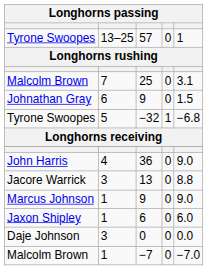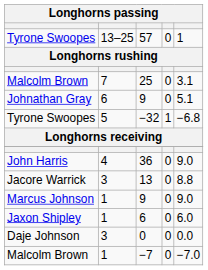 <table class="wikitable plainrowheaders">
 <tr>
 <th colspan="6">Longhorns passing</th>
 </tr>
 <tr>
 <th scope="col"></th>
 <th scope="col"></th>
 <th scope="col"></th>
 <th scope="col"></th>
 <th scope="col"></th>
 </tr>
 <tr>
 <td><a href='#'>Tyrone Swoopes</a></td>
 <td>13–25</td>
 <td>57</td>
 <td>0</td>
 <td>1</td>
 </tr>
 <tr>
 <th colspan="6">Longhorns rushing</th>
 </tr>
 <tr>
 <th scope="col"></th>
 <th scope="col"></th>
 <th scope="col"></th>
 <th scope="col"></th>
 <th scope="col"></th>
 </tr>
 <tr>
 <td><a href='#'>Malcolm Brown</a></td>
 <td>7</td>
 <td>25</td>
 <td>0</td>
 <td>3.1</td>
 </tr>
 <tr>
 <td><a href='#'>Johnathan Gray</a></td>
 <td>6</td>
 <td>9</td>
 <td>0</td>
-<td>1.5</td>
+<td>5.1</td>
 </tr>
 <tr>
 <td>Tyrone Swoopes</td>
 <td>5</td>
 <td>−32</td>
 <td>1</td>
 <td>−6.8</td>
 </tr>
 <tr>
 <th colspan="6">Longhorns receiving</th>
 </tr>
 <tr>
 </tr>
 <tr>
 <th scope="col"></th>
 <th scope="col"></th>
 <th scope="col"></th>
 <th scope="col"></th>
 <th scope="col"></th>
 </tr>
 <tr>
 <td><a href='#'>John Harris</a></td>
 <td>4</td>
 <td>36</td>
 <td>0</td>
 <td>9.0</td>
 </tr>
 <tr>
 <td>Jacore Warrick</td>
 <td>3</td>
 <td>13</td>
 <td>0</td>
 <td>8.8</td>
 </tr>
 <tr>
 <td><a href='#'>Marcus Johnson</a></td>
 <td>1</td>
 <td>9</td>
 <td>0</td>
 <td>9.0</td>
 </tr>
 <tr>
 <td><a href='#'>Jaxon Shipley</a></td>
 <td>1</td>
 <td>6</td>
 <td>0</td>
 <td>6.0</td>
 </tr>
 <tr>
 <td>Daje Johnson</td>
 <td>3</td>
 <td>0</td>
 <td>0</td>
 <td>0.0</td>
 </tr>
 <tr>
 <td>Malcolm Brown</td>
 <td>1</td>
 <td>−7</td>
 <td>0</td>
 <td>−7.0</td>
 </tr>
 </table>
